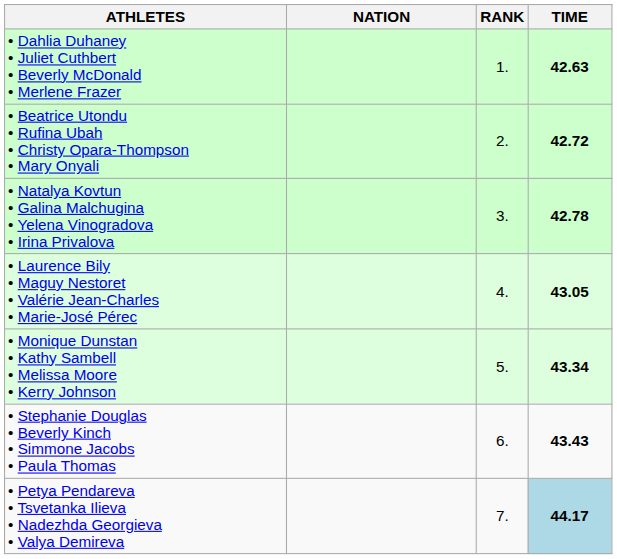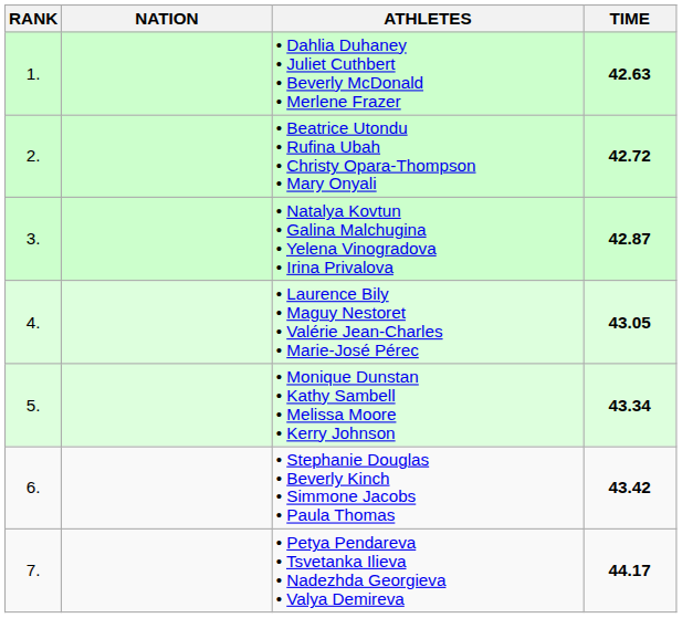 <table class="wikitable" style="border-collapse: collapse; font-size: 90%;">
 <tr>
+<th>RANK</th>
+<th style="width: 12em">NATION</th>
 <th style="width: 18em">ATHLETES</th>
-<th style="width: 12em">NATION</th>
-<th>RANK</th>
 <th style="width: 5em">TIME</th>
 </tr>
 <tr style="background:#ccffcc;">
+<td align="center">1.</td>
+<td align="center"></td>
 <td>• <a href='#'>Dahlia Duhaney</a><br>• <a href='#'>Juliet Cuthbert</a><br>• <a href='#'>Beverly McDonald</a><br>• <a href='#'>Merlene Frazer</a></td>
-<td align="center"></td>
-<td align="center">1.</td>
 <td align="center"><strong>42.63</strong></td>
 </tr>
 <tr style="background:#ccffcc;">
+<td align="center">2.</td>
+<td align="center"></td>
 <td>• <a href='#'>Beatrice Utondu</a><br>• <a href='#'>Rufina Ubah</a><br>• <a href='#'>Christy Opara-Thompson</a><br>• <a href='#'>Mary Onyali</a></td>
-<td align="center"></td>
-<td align="center">2.</td>
 <td align="center"><strong>42.72</strong></td>
 </tr>
 <tr style="background:#ccffcc;">
+<td align="center">3.</td>
+<td align="center"></td>
 <td>• <a href='#'>Natalya Kovtun</a><br>• <a href='#'>Galina Malchugina</a><br>• <a href='#'>Yelena Vinogradova</a><br>• <a href='#'>Irina Privalova</a></td>
-<td align="center"></td>
-<td align="center">3.</td>
-<td align="center"><strong>42.78</strong></td>
+<td align="center"><strong>42.87</strong></td>
 </tr>
 <tr style="background:#ddffdd;">
+<td align="center">4.</td>
+<td align="center"></td>
 <td>• <a href='#'>Laurence Bily</a><br>• <a href='#'>Maguy Nestoret</a><br>• <a href='#'>Valérie Jean-Charles</a><br>• <a href='#'>Marie-José Pérec</a></td>
-<td align="center"></td>
-<td align="center">4.</td>
 <td align="center"><strong>43.05</strong></td>
 </tr>
 <tr style="background:#ddffdd;">
+<td align="center">5.</td>
+<td align="center"></td>
 <td>• <a href='#'>Monique Dunstan</a><br>• <a href='#'>Kathy Sambell</a><br>• <a href='#'>Melissa Moore</a><br>• <a href='#'>Kerry Johnson</a></td>
-<td align="center"></td>
-<td align="center">5.</td>
 <td align="center"><strong>43.34</strong></td>
 </tr>
 <tr>
+<td align="center">6.</td>
+<td align="center"></td>
 <td>• <a href='#'>Stephanie Douglas</a><br>• <a href='#'>Beverly Kinch</a><br>• <a href='#'>Simmone Jacobs</a><br>• <a href='#'>Paula Thomas</a></td>
-<td align="center"></td>
-<td align="center">6.</td>
-<td align="center"><strong>43.43</strong></td>
+<td align="center"><strong>43.42</strong></td>
 </tr>
 <tr>
+<td align="center">7.</td>
+<td align="center"></td>
 <td>• <a href='#'>Petya Pendareva</a><br>• <a href='#'>Tsvetanka Ilieva</a><br>• <a href='#'>Nadezhda Georgieva</a><br>• <a href='#'>Valya Demireva</a></td>
-<td align="center"></td>
-<td align="center">7.</td>
-<td align="center" style="background: lightblue;"><strong>44.17</strong></td>
+<td align="center"><strong>44.17</strong></td>
 </tr>
 </table>
